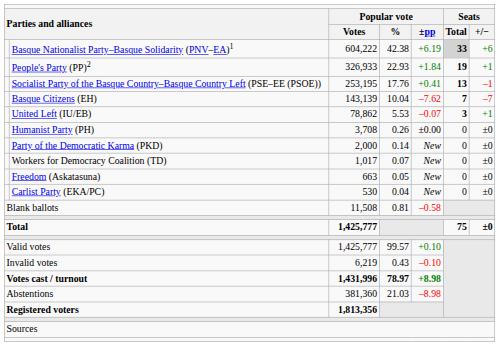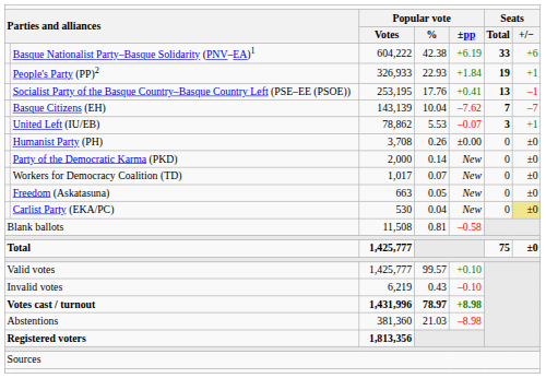 <table class="wikitable" style="text-align:right;">
 <tr>
 <td colspan="7"></td>
 </tr>
 <tr>
 <th style="text-align:left;" rowspan="2" colspan="2" width="525">Parties and alliances</th>
 <th colspan="3">Popular vote</th>
 <th colspan="2">Seats</th>
 </tr>
 <tr>
 <th width="75">Votes</th>
 <th width="45">%</th>
 <th width="45">±<a href='#'>pp</a></th>
 <th width="35">Total</th>
 <th width="35">+/−</th>
 </tr>
 <tr>
 <td width="1" style="color:inherit;background:"></td>
 <td align="left"><a href='#'>Basque Nationalist Party–Basque Solidarity</a> (<a href='#'>PNV</a>–<a href='#'>EA</a>)<sup>1</sup></td>
 <td>604,222</td>
 <td>42.38</td>
 <td style="color:green;">+6.19</td>
-<td style="background: lightgrey;"><strong>33</strong></td>
+<td><strong>33</strong></td>
 <td style="color:green;">+6</td>
 </tr>
 <tr>
 <td style="color:inherit;background:"></td>
 <td align="left"><a href='#'>People's Party</a> (PP)<sup>2</sup></td>
 <td>326,933</td>
 <td>22.93</td>
 <td style="color:green;">+1.84</td>
 <td><strong>19</strong></td>
 <td style="color:green;">+1</td>
 </tr>
 <tr>
 <td style="color:inherit;background:"></td>
 <td align="left"><a href='#'>Socialist Party of the Basque Country–Basque Country Left</a> (PSE–EE (PSOE))</td>
 <td>253,195</td>
 <td>17.76</td>
 <td style="color:green;">+0.41</td>
 <td><strong>13</strong></td>
 <td style="color:red;">–1</td>
 </tr>
 <tr>
 <td style="color:inherit;background:"></td>
 <td align="left"><a href='#'>Basque Citizens</a> (EH)</td>
 <td>143,139</td>
 <td>10.04</td>
 <td style="color:red;">–7.62</td>
 <td><strong>7</strong></td>
 <td style="color:red;">–7</td>
 </tr>
 <tr>
 <td style="color:inherit;background:"></td>
 <td align="left"><a href='#'>United Left</a> (IU/EB)</td>
 <td>78,862</td>
 <td>5.53</td>
 <td style="color:red;">–0.07</td>
 <td><strong>3</strong></td>
 <td style="color:green;">+1</td>
 </tr>
 <tr>
 <td style="color:inherit;background:"></td>
 <td align="left"><a href='#'>Humanist Party</a> (PH)</td>
 <td>3,708</td>
 <td>0.26</td>
 <td>±0.00</td>
 <td>0</td>
 <td>±0</td>
 </tr>
 <tr>
 <td style="color:inherit;background:"></td>
 <td align="left"><a href='#'>Party of the Democratic Karma</a> (PKD)</td>
 <td>2,000</td>
 <td>0.14</td>
 <td><em>New</em></td>
 <td>0</td>
 <td>±0</td>
 </tr>
 <tr>
 <td style="color:inherit;background:"></td>
 <td align="left">Workers for Democracy Coalition (TD)</td>
 <td>1,017</td>
 <td>0.07</td>
 <td><em>New</em></td>
 <td>0</td>
 <td>±0</td>
 </tr>
 <tr>
 <td style="color:inherit;background:"></td>
 <td align="left"><a href='#'>Freedom</a> (Askatasuna)</td>
 <td>663</td>
 <td>0.05</td>
 <td><em>New</em></td>
 <td>0</td>
 <td>±0</td>
 </tr>
 <tr>
 <td style="color:inherit;background:"></td>
 <td align="left"><a href='#'>Carlist Party</a> (EKA/PC)</td>
 <td>530</td>
 <td>0.04</td>
 <td><em>New</em></td>
 <td>0</td>
-<td>±0</td>
+<td style="background: khaki;">±0</td>
 </tr>
 <tr>
 <td align="left" colspan="2">Blank ballots</td>
 <td>11,508</td>
 <td>0.81</td>
 <td style="color:red;">–0.58</td>
 <td bgcolor="#E9E9E9" colspan="2"></td>
 </tr>
 <tr>
 <td colspan="7" bgcolor="#E9E9E9"></td>
 </tr>
 <tr style="font-weight:bold;">
 <td align="left" colspan="2">Total</td>
 <td>1,425,777</td>
 <td bgcolor="#E9E9E9" colspan="2"></td>
 <td>75</td>
 <td>±0</td>
 </tr>
 <tr>
 <td colspan="7" bgcolor="#E9E9E9"></td>
 </tr>
 <tr>
 <td align="left" colspan="2">Valid votes</td>
 <td>1,425,777</td>
 <td>99.57</td>
 <td style="color:green;">+0.10</td>
 <td bgcolor="#E9E9E9" colspan="2" rowspan="5"></td>
 </tr>
 <tr>
 <td align="left" colspan="2">Invalid votes</td>
 <td>6,219</td>
 <td>0.43</td>
 <td style="color:red;">–0.10</td>
 </tr>
 <tr style="font-weight:bold;">
 <td align="left" colspan="2">Votes cast / turnout</td>
 <td>1,431,996</td>
 <td>78.97</td>
 <td style="color:green;">+8.98</td>
 </tr>
 <tr>
 <td align="left" colspan="2">Abstentions</td>
 <td>381,360</td>
 <td>21.03</td>
 <td style="color:red;">–8.98</td>
 </tr>
 <tr style="font-weight:bold;">
 <td align="left" colspan="2">Registered voters</td>
 <td>1,813,356</td>
 <td bgcolor="#E9E9E9" colspan="2"></td>
 </tr>
 <tr>
 <td colspan="7" bgcolor="#E9E9E9"></td>
 </tr>
 <tr>
 <td align="left" colspan="7">Sources</td>
 </tr>
 <tr>
 <td colspan="7" style="text-align:left; max-width:790px;"></td>
 </tr>
 </table>
